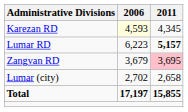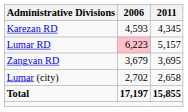 <table class="wikitable">
 <tr>
 <th>Administrative Divisions</th>
 <th>2006</th>
 <th>2011</th>
 </tr>
 <tr>
 <td><a href='#'>Karezan RD</a></td>
-<td style="background: lightyellow; text-align: right;">4,593</td>
+<td style="text-align: right;">4,593</td>
 <td style="text-align: right;">4,345</td>
 </tr>
 <tr>
 <td><a href='#'>Lumar RD</a></td>
-<td style="text-align: right;">6,223</td>
-<td style="text-align: right;"><strong>5,157</strong></td>
+<td style="background: pink; text-align: right;">6,223</td>
+<td style="text-align: right;">5,157</td>
 </tr>
 <tr>
 <td><a href='#'>Zangvan RD</a></td>
 <td style="text-align: right;">3,679</td>
-<td style="background: pink; text-align: right;">3,695</td>
+<td style="text-align: right;">3,695</td>
 </tr>
 <tr>
 <td><a href='#'>Lumar</a> (city)</td>
 <td style="text-align: right;">2,702</td>
 <td style="text-align: right;">2,658</td>
 </tr>
 <tr>
 <td><strong>Total</strong></td>
 <td style="text-align: right;"><strong>17,197</strong></td>
 <td style="text-align: right;"><strong>15,855</strong></td>
 </tr>
 <tr>
 <td colspan=4></td>
 </tr>
 </table>
